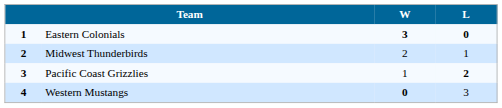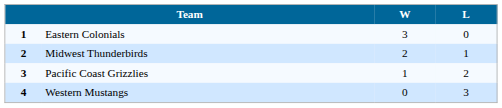 <table align=center cellpadding="4" cellspacing="0" style="background: #f9f9f9; border: 1px #aaa solid; border-collapse: collapse; font-size: 90%;" width=50%>
 <tr align=center bgcolor=#006699 style="color:white;">
 <th width=30% colspan=2>Team</th>
 <th width=5%>W</th>
 <th width=5%>L</th>
 </tr>
 <tr align=center bgcolor=#F5FAFF>
 <td><strong>1</strong></td>
 <td align=left>Eastern Colonials</td>
-<td><strong>3</strong></td>
-<td><strong>0</strong></td>
+<td>3</td>
+<td>0</td>
 </tr>
 <tr align=center bgcolor=#D0E7FF>
 <td><strong>2</strong></td>
 <td align=left>Midwest Thunderbirds</td>
 <td>2</td>
 <td>1</td>
 </tr>
 <tr align=center bgcolor=#F5FAFF>
 <td><strong>3</strong></td>
 <td align=left>Pacific Coast Grizzlies</td>
 <td>1</td>
-<td><strong>2</strong></td>
+<td>2</td>
 </tr>
 <tr align=center bgcolor=#D0E7FF>
 <td><strong>4</strong></td>
 <td align=left>Western Mustangs</td>
-<td><strong>0</strong></td>
+<td>0</td>
 <td>3</td>
 </tr>
 <tr align=center bgcolor=#F5FAFF>
 </tr>
 </table>
